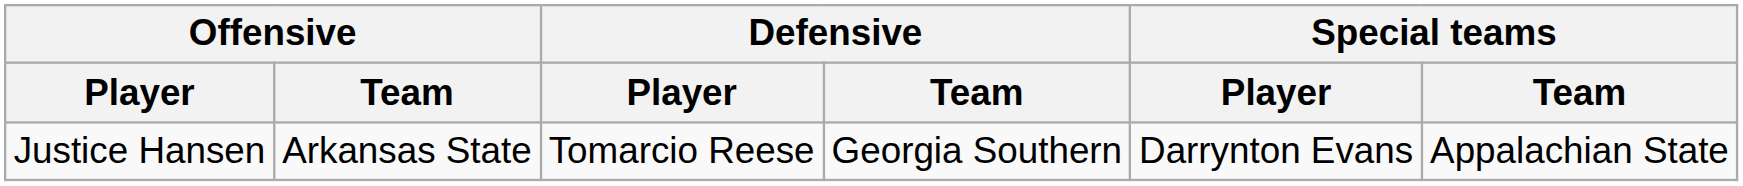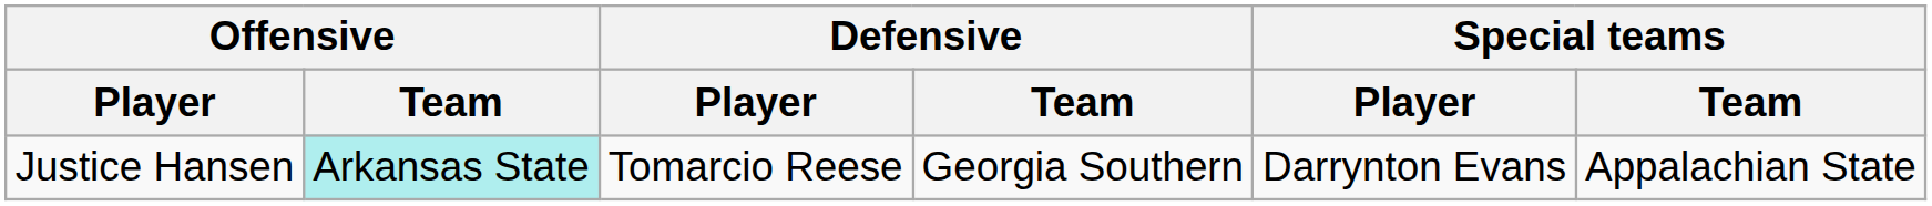 <table class="wikitable">
 <tr>
 <th colspan="2">Offensive</th>
 <th colspan="2">Defensive</th>
 <th colspan="2">Special teams</th>
 </tr>
 <tr>
 <th>Player</th>
 <th>Team</th>
 <th>Player</th>
 <th>Team</th>
 <th>Player</th>
 <th>Team</th>
 </tr>
 <tr>
 <td>Justice Hansen</td>
-<td>Arkansas State</td>
+<td style="background: paleturquoise;">Arkansas State</td>
 <td>Tomarcio Reese</td>
 <td>Georgia Southern</td>
 <td>Darrynton Evans</td>
 <td>Appalachian State</td>
 </tr>
 </table>
